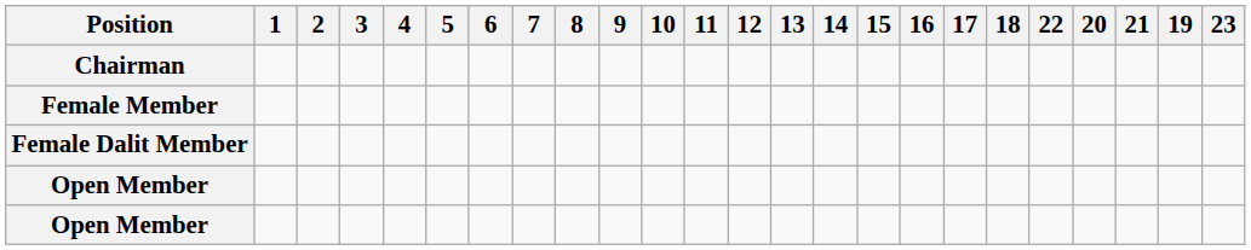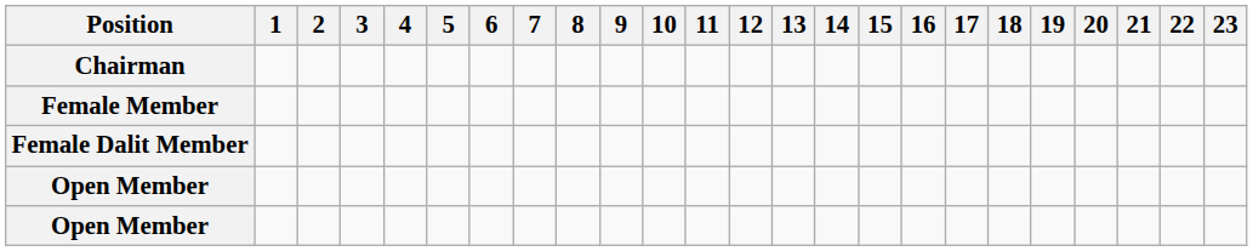 <table class="wikitable">
 <tr>
 <th>Position</th>
 <th width="20px">1</th>
 <th width="20px">2</th>
 <th width="20px">3</th>
 <th width="20px">4</th>
 <th width="20px">5</th>
 <th width="20px">6</th>
 <th width="20px">7</th>
 <th width="20px">8</th>
 <th width="20px">9</th>
 <th width="20px">10</th>
 <th width="20px">11</th>
 <th width="20px">12</th>
 <th width="20px">13</th>
 <th width="20px">14</th>
 <th width="20px">15</th>
 <th width="20px">16</th>
 <th width="20px">17</th>
 <th width="20px">18</th>
-<th width="20px">22</th>
+<th width="20px">19</th>
 <th width="20px">20</th>
 <th width="20px">21</th>
-<th width="20px">19</th>
+<th width="20px">22</th>
 <th width="20px">23</th>
 </tr>
 <tr>
 <th>Chairman</th>
 <td style="background-color:"><br></td>
 <td style="background-color:"><br></td>
 <td style="background-color:"><br></td>
 <td style="background-color:"><br></td>
 <td style="background-color:"><br></td>
 <td style="background-color:"><br></td>
 <td style="background-color:"><br></td>
 <td style="background-color:"><br></td>
 <td style="background-color:"><br></td>
 <td style="background-color:"><br></td>
 <td style="background-color:"><br></td>
 <td style="background-color:"><br></td>
 <td style="background-color:"><br></td>
 <td style="background-color:"><br></td>
 <td style="background-color:"><br></td>
 <td style="background-color:"><br></td>
 <td style="background-color:"><br></td>
 <td style="background-color:"><br></td>
 <td style="background-color:"><br></td>
 <td style="background-color:"><br></td>
 <td style="background-color:"><br></td>
 <td style="background-color:"><br></td>
 <td style="background-color:"><br></td>
 </tr>
 <tr>
 <th>Female Member</th>
 <td style="background-color:"><br></td>
 <td style="background-color:"><br></td>
 <td style="background-color:"><br></td>
 <td style="background-color:"><br></td>
 <td style="background-color:"><br></td>
 <td style="background-color:"><br></td>
 <td style="background-color:"><br></td>
 <td style="background-color:"><br></td>
 <td style="background-color:"><br></td>
 <td style="background-color:"><br></td>
 <td style="background-color:"><br></td>
 <td style="background-color:"><br></td>
 <td style="background-color:"><br></td>
 <td style="background-color:"><br></td>
 <td style="background-color:"><br></td>
 <td style="background-color:"><br></td>
 <td style="background-color:"><br></td>
 <td style="background-color:"><br></td>
 <td style="background-color:"><br></td>
 <td style="background-color:"><br></td>
 <td style="background-color:"><br></td>
 <td style="background-color:"><br></td>
 <td style="background-color:"><br></td>
 </tr>
 <tr>
 <th>Female Dalit Member</th>
 <td style="background-color:"><br></td>
 <td style="background-color:"><br></td>
 <td style="background-color:"><br></td>
 <td style="background-color:"><br></td>
 <td style="background-color:"><br></td>
 <td style="background-color:"><br></td>
 <td style="background-color:"><br></td>
 <td style="background-color:"><br></td>
 <td style="background-color:"><br></td>
 <td style="background-color:"><br></td>
 <td style="background-color:"><br></td>
 <td style="background-color:"><br></td>
 <td style="background-color:"><br></td>
 <td style="background-color:"><br></td>
 <td style="background-color:"><br></td>
 <td style="background-color:"><br></td>
 <td style="background-color:"><br></td>
 <td style="background-color:"><br></td>
 <td style="background-color:"><br></td>
 <td style="background-color:"><br></td>
 <td style="background-color:"><br></td>
 <td style="background-color:"><br></td>
 <td style="background-color:"><br></td>
 </tr>
 <tr>
 <th>Open Member</th>
 <td style="background-color:"><br></td>
 <td style="background-color:"><br></td>
 <td style="background-color:"><br></td>
 <td style="background-color:"><br></td>
 <td style="background-color:"><br></td>
 <td style="background-color:"><br></td>
 <td style="background-color:"><br></td>
 <td style="background-color:"><br></td>
 <td style="background-color:"><br></td>
 <td style="background-color:"><br></td>
 <td style="background-color:"><br></td>
 <td style="background-color:"><br></td>
 <td style="background-color:"><br></td>
 <td style="background-color:"><br></td>
 <td style="background-color:"><br></td>
 <td style="background-color:"><br></td>
 <td style="background-color:"><br></td>
 <td style="background-color:"><br></td>
 <td style="background-color:"><br></td>
 <td style="background-color:"><br></td>
 <td style="background-color:"><br></td>
 <td style="background-color:"><br></td>
 <td style="background-color:"><br></td>
 </tr>
 <tr>
 <th>Open Member</th>
 <td style="background-color:"><br></td>
 <td style="background-color:"><br></td>
 <td style="background-color:"><br></td>
 <td style="background-color:"><br></td>
 <td style="background-color:"><br></td>
 <td style="background-color:"><br></td>
 <td style="background-color:"><br></td>
 <td style="background-color:"><br></td>
 <td style="background-color:"><br></td>
 <td style="background-color:"><br></td>
 <td style="background-color:"><br></td>
 <td style="background-color:"><br></td>
 <td style="background-color:"><br></td>
 <td style="background-color:"><br></td>
 <td style="background-color:"><br></td>
 <td style="background-color:"><br></td>
 <td style="background-color:"><br></td>
 <td style="background-color:"><br></td>
 <td style="background-color:"><br></td>
 <td style="background-color:"><br></td>
 <td style="background-color:"><br></td>
 <td style="background-color:"><br></td>
 <td style="background-color:"><br></td>
 </tr>
 </table>
